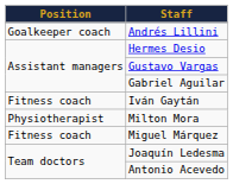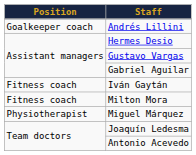 <table class="wikitable">
 <tr>
 <th style=background-color:#172442;color:Goldenrod>Position</th>
 <th style=background-color:#172442;color:Goldenrod>Staff</th>
 </tr>
 <tr>
 </tr>
 <tr>
 <td>Goalkeeper coach</td>
 <td> <a href='#'>Andrés Lillini</a></td>
 </tr>
 <tr>
 <td rowspan="3">Assistant managers</td>
 <td> <a href='#'>Hermes Desio</a></td>
 </tr>
 <tr>
 <td> <a href='#'>Gustavo Vargas</a></td>
 </tr>
 <tr>
 <td> Gabriel Aguilar</td>
 </tr>
 <tr>
 <td>Fitness coach</td>
 <td> Iván Gaytán</td>
 </tr>
 <tr>
-<td>Physiotherapist</td>
+<td>Fitness coach</td>
 <td> Milton Mora</td>
 </tr>
 <tr>
-<td>Fitness coach</td>
+<td>Physiotherapist</td>
 <td> Miguel Márquez</td>
 </tr>
 <tr>
 <td rowspan="2">Team doctors</td>
 <td> Joaquín Ledesma</td>
 </tr>
 <tr>
 <td> Antonio Acevedo</td>
 </tr>
 </table>
